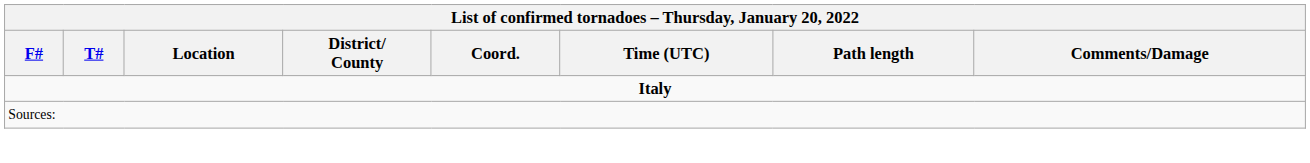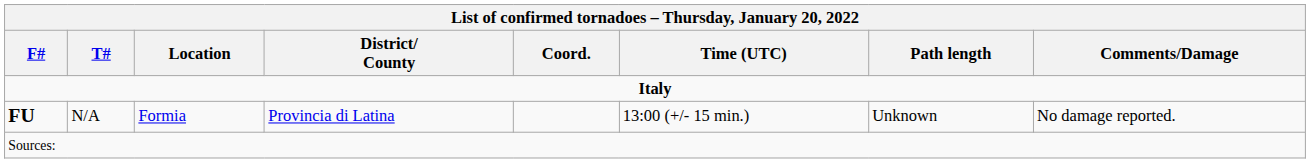 <table class="wikitable collapsible" width="100%">
 <tr>
 <th colspan="8">List of confirmed tornadoes – Thursday, January 20, 2022</th>
 </tr>
 <tr>
 <th><a href='#'>F#</a></th>
 <th><a href='#'>T#</a></th>
 <th>Location</th>
 <th>District/<br>County</th>
 <th>Coord.</th>
 <th>Time (UTC)</th>
 <th>Path length</th>
 <th>Comments/Damage</th>
 </tr>
 <tr>
 <td colspan="8" align=center><strong>Italy</strong></td>
 </tr>
 <tr>
+<td><big><strong>FU</strong></big></td>
+<td>N/A</td>
+<td><a href='#'>Formia</a></td>
+<td><a href='#'>Provincia di Latina</a></td>
+<td></td>
+<td>13:00 (+/- 15 min.)</td>
+<td>Unknown</td>
+<td>No damage reported.</td>
+</tr>
+<tr>
 <td colspan="8"><small>Sources:  </small></td>
 </tr>
 </table>
